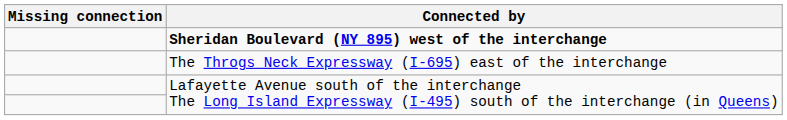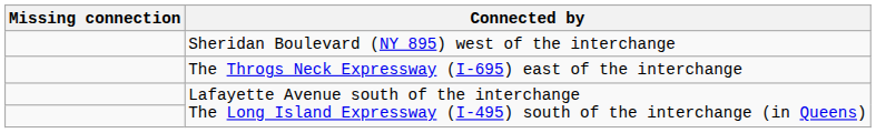 <table class="wikitable">
 <tr>
 <th>Missing connection</th>
 <th>Connected by</th>
 </tr>
 <tr>
 <td></td>
-<td><strong>Sheridan Boulevard (<a href='#'>NY 895</a>)  west of the interchange</strong></td>
+<td>Sheridan Boulevard (<a href='#'>NY 895</a>)  west of the interchange</td>
 </tr>
 <tr>
 <td></td>
 <td>The <a href='#'>Throgs Neck Expressway</a> (<a href='#'>I-695</a>)  east of the interchange</td>
 </tr>
 <tr>
 <td></td>
 <td rowspan=2>Lafayette Avenue  south of the interchange <br> The <a href='#'>Long Island Expressway</a> (<a href='#'>I-495</a>)  south of the interchange (in <a href='#'>Queens</a>)</td>
 </tr>
 <tr>
 <td></td>
 </tr>
 </table>
